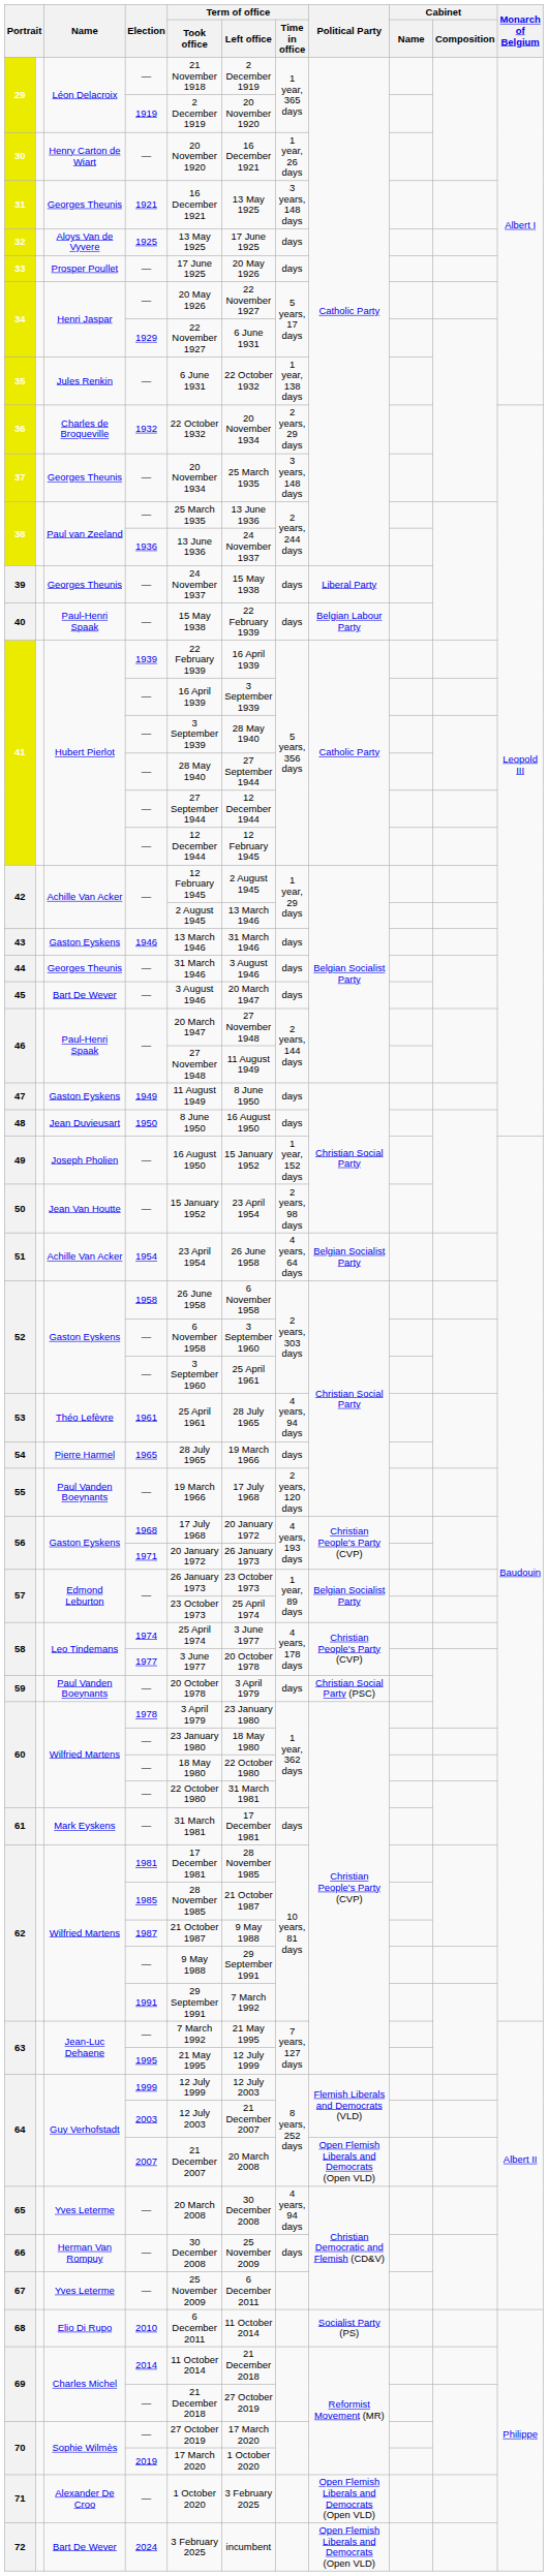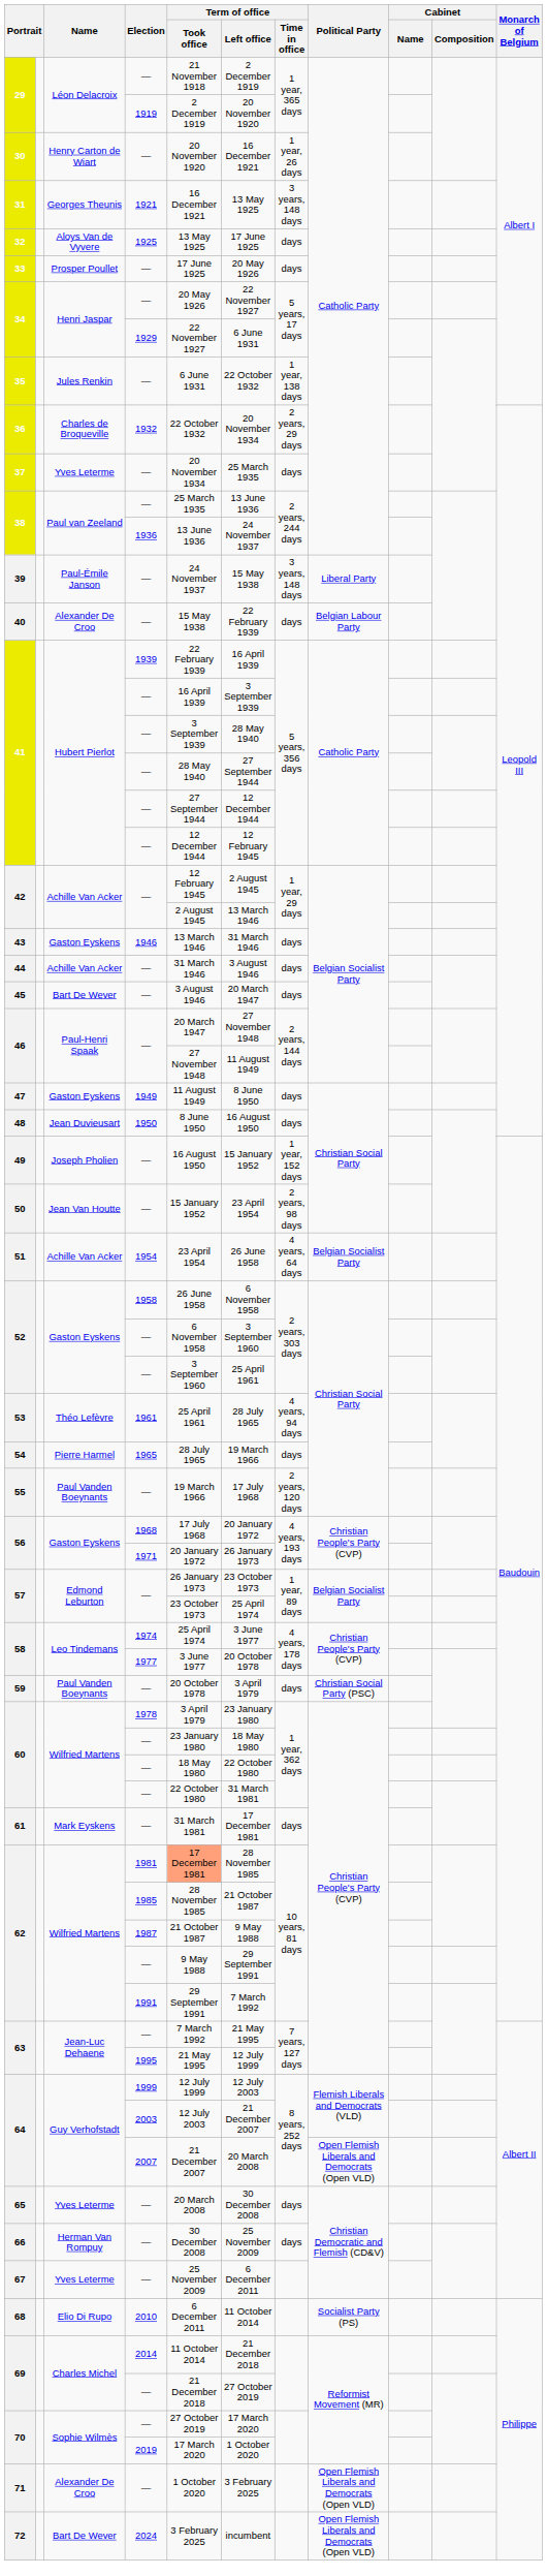 <table class="wikitable" style="text-align:center; width:100%; border:1px #AAAAFF solid">
 <tr>
 <th rowspan="2" colspan="2" width="80px">Portrait</th>
 <th rowspan="2" width="15%">Name<br></th>
 <th rowspan="2" width="5%">Election</th>
 <th colspan="3">Term of office</th>
 <th rowspan="2" width="15%">Political Party</th>
 <th colspan="2">Cabinet</th>
 <th rowspan="2" width="7%"><a href='#'>Monarch of Belgium</a><br></th>
 </tr>
 <tr>
 <th>Took office</th>
 <th>Left office</th>
 <th>Time in office</th>
 <th width="8%">Name</th>
 <th width="12%">Composition</th>
 </tr>
 <tr>
 <th rowspan="2" style="background:#ebeb00; color:white;">29</th>
 <td rowspan="2"></td>
 <td rowspan="2"><a href='#'>Léon Delacroix</a><br></td>
 <td>—</td>
 <td>21 November 1918</td>
 <td>2 December 1919</td>
 <td rowspan="2">1 year,<br>365 days</td>
 <td rowspan="14"><a href='#'>Catholic Party</a></td>
 <td></td>
 <td rowspan="3"></td>
 <td rowspan="10"><a href='#'>Albert I</a><br><br></td>
 </tr>
 <tr>
 <td><a href='#'>1919</a></td>
 <td>2 December 1919</td>
 <td>20 November 1920</td>
 <td></td>
 </tr>
 <tr>
 <th style="background:#ebeb00; color:white;">30</th>
 <td></td>
 <td><a href='#'>Henry Carton de Wiart</a><br></td>
 <td>—</td>
 <td>20 November 1920</td>
 <td>16 December 1921</td>
 <td>1 year,<br>26 days</td>
 <td></td>
 </tr>
 <tr>
 <th style="background:#ebeb00; color:white;">31</th>
 <td></td>
 <td><a href='#'>Georges Theunis</a><br></td>
 <td><a href='#'>1921</a></td>
 <td>16 December 1921</td>
 <td>13 May 1925</td>
 <td>3 years,<br>148 days</td>
 <td></td>
 <td></td>
 </tr>
 <tr>
 <th style="background:#ebeb00; color:white;">32</th>
 <td></td>
 <td><a href='#'>Aloys Van de Vyvere</a><br></td>
 <td><a href='#'>1925</a></td>
 <td>13 May 1925</td>
 <td>17 June 1925</td>
 <td> days</td>
 <td></td>
 <td></td>
 </tr>
 <tr>
 <th style="background:#ebeb00; color:white;">33</th>
 <td></td>
 <td><a href='#'>Prosper Poullet</a><br></td>
 <td>—</td>
 <td>17 June 1925</td>
 <td>20 May 1926</td>
 <td> days</td>
 <td></td>
 <td></td>
 </tr>
 <tr>
 <th rowspan="2" style="background:#ebeb00; color:white;">34</th>
 <td rowspan="2"></td>
 <td rowspan="2"><a href='#'>Henri Jaspar</a><br></td>
 <td>—</td>
 <td>20 May 1926</td>
 <td>22 November 1927</td>
 <td rowspan="2">5 years,<br>17 days</td>
 <td></td>
 <td></td>
 </tr>
 <tr>
 <td><a href='#'>1929</a></td>
 <td>22 November 1927</td>
 <td>6 June 1931</td>
 <td></td>
 <td rowspan="5"></td>
 </tr>
 <tr>
 <th style="background:#ebeb00; color:white;">35</th>
 <td></td>
 <td><a href='#'>Jules Renkin</a><br></td>
 <td>—</td>
 <td>6 June 1931</td>
 <td>22 October 1932</td>
 <td>1 year,<br>138 days</td>
 <td></td>
 </tr>
 <tr>
 <th rowspan="2" style="background:#ebeb00; color:white;">36</th>
 <td rowspan="2"></td>
 <td rowspan="2"><a href='#'>Charles de Broqueville</a><br></td>
 <td rowspan="2"><a href='#'>1932</a></td>
 <td rowspan="2">22 October 1932</td>
 <td rowspan="2">20 November 1934</td>
 <td rowspan="2">2 years,<br>29 days</td>
 <td rowspan="2"></td>
 </tr>
 <tr>
 <td rowspan="22"><a href='#'>Leopold III</a><br><br></td>
 </tr>
 <tr>
 <th style="background:#ebeb00; color:white;">37</th>
 <td></td>
-<td><a href='#'>Georges Theunis</a><br></td>
+<td><a href='#'>Yves Leterme</a><br></td>
 <td>—</td>
 <td>20 November 1934</td>
 <td>25 March 1935</td>
-<td>3 years,<br>148 days</td>
+<td> days</td>
 <td></td>
 </tr>
 <tr>
 <th rowspan=2 style="background:#ebeb00; color:white;">38</th>
 <td rowspan="2"></td>
 <td rowspan="2"><a href='#'>Paul van Zeeland</a><br></td>
 <td>—</td>
 <td>25 March 1935</td>
 <td>13 June 1936</td>
 <td rowspan="2">2 years,<br>244 days</td>
 <td></td>
 <td rowspan="4"></td>
 </tr>
 <tr>
 <td><a href='#'>1936</a></td>
 <td>13 June 1936</td>
 <td>24 November 1937</td>
 <td></td>
 </tr>
 <tr>
 <th style="background:">39</th>
 <td></td>
-<td><a href='#'>Georges Theunis</a><br></td>
+<td><a href='#'>Paul-Émile Janson</a><br></td>
 <td>—</td>
 <td>24 November 1937</td>
 <td>15 May 1938</td>
-<td> days</td>
+<td>3 years,<br>148 days</td>
 <td><a href='#'>Liberal Party</a></td>
 <td></td>
 </tr>
 <tr>
 <th style="background:">40</th>
 <td></td>
-<td><a href='#'>Paul-Henri Spaak</a><br></td>
+<td><a href='#'>Alexander De Croo</a><br></td>
 <td>—</td>
 <td>15 May 1938</td>
 <td>22 February 1939</td>
 <td> days</td>
 <td><a href='#'>Belgian Labour Party</a></td>
 <td></td>
 </tr>
 <tr>
 <th rowspan="6" style="background:#ebeb00; color:white;">41</th>
 <td rowspan="6"></td>
 <td rowspan="6"><a href='#'>Hubert Pierlot</a><br></td>
 <td><a href='#'>1939</a></td>
 <td>22 February 1939</td>
 <td>16 April 1939</td>
 <td rowspan="6">5 years,<br>356 days</td>
 <td rowspan="6"><a href='#'>Catholic Party</a></td>
 <td></td>
 <td></td>
 </tr>
 <tr>
 <td>—</td>
 <td>16 April 1939</td>
 <td>3 September 1939</td>
 <td></td>
 <td></td>
 </tr>
 <tr>
 <td>—</td>
 <td>3 September 1939</td>
 <td>28 May 1940</td>
 <td></td>
 <td rowspan="2"></td>
 </tr>
 <tr>
 <td>—</td>
 <td>28 May 1940</td>
 <td>27 September 1944</td>
 <td></td>
 </tr>
 <tr>
 <td>—</td>
 <td>27 September 1944</td>
 <td>12 December 1944</td>
 <td></td>
 <td></td>
 </tr>
 <tr>
 <td>—</td>
 <td>12 December 1944</td>
 <td>12 February 1945</td>
 <td></td>
 <td></td>
 </tr>
 <tr>
 <th rowspan="2" style="background:">42</th>
 <td rowspan="2"></td>
 <td rowspan="2"><a href='#'>Achille Van Acker</a><br></td>
 <td rowspan="2">—</td>
 <td>12 February 1945</td>
 <td>2 August 1945</td>
 <td rowspan="2">1 year,<br>29 days</td>
 <td rowspan="7"><a href='#'>Belgian Socialist Party</a></td>
 <td></td>
 <td></td>
 </tr>
 <tr>
 <td>2 August 1945</td>
 <td>13 March 1946</td>
 <td></td>
 <td></td>
 </tr>
 <tr>
 <th style="background:">43</th>
 <td></td>
 <td><a href='#'>Gaston Eyskens</a><br></td>
 <td><a href='#'>1946</a></td>
 <td>13 March 1946</td>
 <td>31 March 1946</td>
 <td> days</td>
 <td></td>
 <td></td>
 </tr>
 <tr>
 <th style="background:">44</th>
 <td></td>
-<td><a href='#'>Georges Theunis</a><br></td>
+<td><a href='#'>Achille Van Acker</a><br></td>
 <td>—</td>
 <td>31 March 1946</td>
 <td>3 August 1946</td>
 <td> days</td>
 <td></td>
 <td rowspan="2"></td>
 </tr>
 <tr>
 <th style="background:">45</th>
 <td></td>
 <td><a href='#'>Bart De Wever</a><br></td>
 <td>—</td>
 <td>3 August 1946</td>
 <td>20 March 1947</td>
 <td> days</td>
 <td></td>
 </tr>
 <tr>
 <th rowspan="2" style="background:">46</th>
 <td rowspan="2"></td>
 <td rowspan="2"><a href='#'>Paul-Henri Spaak</a><br></td>
 <td rowspan="2">—</td>
 <td>20 March 1947</td>
 <td>27 November 1948</td>
 <td rowspan="2">2 years,<br>144 days</td>
 <td></td>
 <td rowspan="2"></td>
 </tr>
 <tr>
 <td>27 November 1948</td>
 <td>11 August 1949</td>
 <td></td>
 </tr>
 <tr>
 <th style="background:">47</th>
 <td></td>
 <td><a href='#'>Gaston Eyskens</a><br></td>
 <td><a href='#'>1949</a></td>
 <td>11 August 1949</td>
 <td>8 June 1950</td>
 <td> days</td>
 <td rowspan="5"><a href='#'>Christian Social Party</a></td>
 <td></td>
 <td></td>
 </tr>
 <tr>
 <th style="background:">48</th>
 <td></td>
 <td><a href='#'>Jean Duvieusart</a><br></td>
 <td><a href='#'>1950</a></td>
 <td>8 June 1950</td>
 <td>16 August 1950</td>
 <td> days</td>
 <td></td>
 <td rowspan="4"></td>
 </tr>
 <tr>
 <th rowspan="2" style="background:">49</th>
 <td rowspan="2"></td>
 <td rowspan="2"><a href='#'>Joseph Pholien</a><br></td>
 <td rowspan="2">—</td>
 <td rowspan="2">16 August 1950</td>
 <td rowspan="2">15 January 1952</td>
 <td rowspan="2">1 year,<br>152 days</td>
 <td rowspan="2"></td>
 </tr>
 <tr>
 <td rowspan="27"><a href='#'>Baudouin</a><br><br></td>
 </tr>
 <tr>
 <th style="background:">50</th>
 <td></td>
 <td><a href='#'>Jean Van Houtte</a><br></td>
 <td>—</td>
 <td>15 January 1952</td>
 <td>23 April 1954</td>
 <td>2 years,<br>98 days</td>
 <td></td>
 </tr>
 <tr>
 <th style="background:">51</th>
 <td></td>
 <td><a href='#'>Achille Van Acker</a><br></td>
 <td><a href='#'>1954</a></td>
 <td>23 April 1954</td>
 <td>26 June 1958</td>
 <td>4 years,<br>64 days</td>
 <td><a href='#'>Belgian Socialist Party</a></td>
 <td></td>
 <td></td>
 </tr>
 <tr>
 <th rowspan="3" style="background:">52</th>
 <td rowspan="3"></td>
 <td rowspan="3"><a href='#'>Gaston Eyskens</a><br></td>
 <td><a href='#'>1958</a></td>
 <td>26 June 1958</td>
 <td>6 November 1958</td>
 <td rowspan="3">2 years, 303 days</td>
 <td rowspan="6"><a href='#'>Christian Social Party</a></td>
 <td></td>
 <td></td>
 </tr>
 <tr>
 <td>—</td>
 <td>6 November 1958</td>
 <td>3 September 1960</td>
 <td></td>
 <td rowspan="2"></td>
 </tr>
 <tr>
 <td>—</td>
 <td>3 September 1960</td>
 <td>25 April 1961</td>
 <td></td>
 </tr>
 <tr>
 <th style="background:">53</th>
 <td></td>
 <td><a href='#'>Théo Lefèvre</a><br></td>
 <td><a href='#'>1961</a></td>
 <td>25 April 1961</td>
 <td>28 July 1965</td>
 <td>4 years,<br>94 days</td>
 <td></td>
 <td rowspan="2"></td>
 </tr>
 <tr>
 <th style="background:">54</th>
 <td></td>
 <td><a href='#'>Pierre Harmel</a><br></td>
 <td><a href='#'>1965</a></td>
 <td>28 July 1965</td>
 <td>19 March 1966</td>
 <td> days</td>
 <td></td>
 </tr>
 <tr>
 <th style="background:">55</th>
 <td></td>
 <td><a href='#'>Paul Vanden Boeynants</a><br></td>
 <td>—</td>
 <td>19 March 1966</td>
 <td>17 July 1968</td>
 <td>2 years,<br>120 days</td>
 <td></td>
 <td></td>
 </tr>
 <tr>
 <th rowspan="2" style="background:">56</th>
 <td rowspan="2"></td>
 <td rowspan="2"><a href='#'>Gaston Eyskens</a><br></td>
 <td><a href='#'>1968</a></td>
 <td>17 July 1968</td>
 <td>20 January 1972</td>
 <td rowspan="2">4 years,<br>193 days</td>
 <td rowspan="2"><a href='#'>Christian People's Party</a> (CVP)</td>
 <td></td>
 <td rowspan="2"></td>
 </tr>
 <tr>
 <td><a href='#'>1971</a></td>
 <td>20 January 1972</td>
 <td>26 January 1973</td>
 <td></td>
 </tr>
 <tr>
 <th rowspan="2" style="background:">57</th>
 <td rowspan="2"></td>
 <td rowspan="2"><a href='#'>Edmond Leburton</a><br></td>
 <td rowspan="2">—</td>
 <td>26 January 1973</td>
 <td>23 October 1973</td>
 <td rowspan="2">1 year,<br>89 days</td>
 <td rowspan="2"><a href='#'>Belgian Socialist Party</a></td>
 <td></td>
 <td></td>
 </tr>
 <tr>
 <td>23 October 1973</td>
 <td>25 April 1974</td>
 <td></td>
 <td></td>
 </tr>
 <tr>
 <th rowspan="2" style="background:">58</th>
 <td rowspan="2"></td>
 <td rowspan="2"><a href='#'>Leo Tindemans</a><br></td>
 <td><a href='#'>1974</a></td>
 <td>25 April 1974</td>
 <td>3 June 1977</td>
 <td rowspan="2">4 years,<br>178 days</td>
 <td rowspan="2"><a href='#'>Christian People's Party</a> (CVP)</td>
 <td></td>
 <td></td>
 </tr>
 <tr>
 <td><a href='#'>1977</a></td>
 <td>3 June 1977</td>
 <td>20 October 1978</td>
 <td></td>
 <td rowspan="3"></td>
 </tr>
 <tr>
 <th style="background:">59</th>
 <td></td>
 <td><a href='#'>Paul Vanden Boeynants</a><br></td>
 <td>—</td>
 <td>20 October 1978</td>
 <td>3 April 1979</td>
 <td> days</td>
 <td><a href='#'>Christian Social Party</a> (PSC)</td>
 <td></td>
 </tr>
 <tr>
 <th rowspan="4" style="background:">60</th>
 <td rowspan="4"></td>
 <td rowspan="4"><a href='#'>Wilfried Martens</a><br></td>
 <td><a href='#'>1978</a></td>
 <td>3 April 1979</td>
 <td>23 January 1980</td>
 <td rowspan="4">1 year,<br>362 days</td>
 <td rowspan="13"><a href='#'>Christian People's Party</a> (CVP)</td>
 <td></td>
 </tr>
 <tr>
 <td>—</td>
 <td>23 January 1980</td>
 <td>18 May 1980</td>
 <td></td>
 <td></td>
 </tr>
 <tr>
 <td>—</td>
 <td>18 May 1980</td>
 <td>22 October 1980</td>
 <td></td>
 <td></td>
 </tr>
 <tr>
 <td>—</td>
 <td>22 October 1980</td>
 <td>31 March 1981</td>
 <td></td>
 <td rowspan="2"></td>
 </tr>
 <tr>
 <th style="background:">61</th>
 <td></td>
 <td><a href='#'>Mark Eyskens</a><br></td>
 <td>—</td>
 <td>31 March 1981</td>
 <td>17 December 1981</td>
 <td> days</td>
 <td></td>
 </tr>
 <tr>
 <th rowspan="5" style="background:">62</th>
 <td rowspan="5"></td>
 <td rowspan="5"><a href='#'>Wilfried Martens</a><br></td>
 <td><a href='#'>1981</a></td>
-<td>17 December 1981</td>
+<td style="background: lightsalmon;">17 December 1981</td>
 <td>28 November 1985</td>
 <td rowspan="5">10 years, 81 days</td>
 <td></td>
 <td rowspan="3"></td>
 </tr>
 <tr>
 <td><a href='#'>1985</a></td>
 <td>28 November 1985</td>
 <td>21 October 1987</td>
 <td></td>
 </tr>
 <tr>
 <td><a href='#'>1987</a></td>
 <td>21 October 1987</td>
 <td>9 May 1988</td>
 <td></td>
 </tr>
 <tr>
 <td>—</td>
 <td>9 May 1988</td>
 <td>29 September 1991</td>
 <td></td>
 <td></td>
 </tr>
 <tr>
 <td><a href='#'>1991</a></td>
 <td>29 September 1991</td>
 <td>7 March 1992</td>
 <td></td>
 <td rowspan="4"></td>
 </tr>
 <tr>
 <th rowspan="3" style="background:">63</th>
 <td rowspan="3"></td>
 <td rowspan="3"><a href='#'>Jean-Luc Dehaene</a><br></td>
 <td rowspan="2">—</td>
 <td rowspan="2">7 March 1992</td>
 <td rowspan="2">21 May 1995</td>
 <td rowspan="3">7 years, 127 days</td>
 <td rowspan="2"></td>
 </tr>
 <tr>
 <td rowspan="9"><a href='#'>Albert II</a><br><br></td>
 </tr>
 <tr>
 <td><a href='#'>1995</a></td>
 <td>21 May 1995</td>
 <td>12 July 1999</td>
 <td></td>
 </tr>
 <tr>
 <th rowspan="3" style="background:">64</th>
 <td rowspan="3"></td>
 <td rowspan="3"><a href='#'>Guy Verhofstadt</a><br></td>
 <td><a href='#'>1999</a></td>
 <td>12 July 1999</td>
 <td>12 July 2003</td>
 <td rowspan="3">8 years, 252 days</td>
 <td rowspan="2"><a href='#'>Flemish Liberals and Democrats</a> (VLD)</td>
 <td></td>
 <td></td>
 </tr>
 <tr>
 <td><a href='#'>2003</a></td>
 <td>12 July 2003</td>
 <td>21 December 2007</td>
 <td></td>
 <td></td>
 </tr>
 <tr>
 <td><a href='#'>2007</a></td>
 <td>21 December 2007</td>
 <td>20 March 2008</td>
 <td><a href='#'>Open Flemish Liberals and Democrats</a> (Open VLD)</td>
 <td></td>
 <td></td>
 </tr>
 <tr>
 <th style="background:">65</th>
 <td></td>
 <td><a href='#'>Yves Leterme</a><br></td>
 <td>—</td>
 <td>20 March 2008</td>
 <td>30 December 2008</td>
-<td>4 years,<br>94 days</td>
+<td> days</td>
 <td rowspan="3"><a href='#'>Christian Democratic and Flemish</a> (CD&V)</td>
 <td></td>
 <td></td>
 </tr>
 <tr>
 <th style="background:">66</th>
 <td></td>
 <td><a href='#'>Herman Van Rompuy</a><br></td>
 <td>—</td>
 <td>30 December 2008</td>
 <td>25 November 2009</td>
 <td> days</td>
 <td></td>
 <td rowspan="2"></td>
 </tr>
 <tr>
 <th style="background:">67</th>
 <td></td>
 <td><a href='#'>Yves Leterme</a><br></td>
 <td>—</td>
 <td>25 November 2009</td>
 <td>6 December 2011</td>
 <td></td>
 <td></td>
 </tr>
 <tr>
 <th rowspan="2" style="background:">68</th>
 <td rowspan="2"></td>
 <td rowspan="2"><a href='#'>Elio Di Rupo</a><br></td>
 <td rowspan="2"><a href='#'>2010</a></td>
 <td rowspan="2">6 December 2011</td>
 <td rowspan="2">11 October 2014</td>
 <td rowspan="2"></td>
 <td rowspan="2"><a href='#'>Socialist Party</a> (PS)</td>
 <td rowspan="2"></td>
 <td rowspan="2"></td>
 </tr>
 <tr>
 <td rowspan="7"><a href='#'>Philippe</a><br><br></td>
 </tr>
 <tr>
 <th rowspan="2" style="background:">69</th>
 <td rowspan="2"></td>
 <td rowspan="2"><a href='#'>Charles Michel</a><br></td>
 <td><a href='#'>2014</a></td>
 <td>11 October 2014</td>
 <td>21 December 2018</td>
 <td rowspan="2"></td>
 <td rowspan="4"><a href='#'>Reformist Movement</a> (MR)</td>
 <td></td>
 <td></td>
 </tr>
 <tr>
 <td>—</td>
 <td>21 December 2018</td>
 <td>27 October 2019</td>
 <td></td>
 <td rowspan="3"></td>
 </tr>
 <tr>
 <th rowspan="2" style="background:">70</th>
 <td rowspan="2"></td>
 <td rowspan="2"><a href='#'>Sophie Wilmès</a><br></td>
 <td>—</td>
 <td>27 October 2019</td>
 <td>17 March 2020</td>
 <td rowspan="2"></td>
 <td></td>
 </tr>
 <tr>
 <td><a href='#'>2019</a></td>
 <td>17 March 2020</td>
 <td>1 October 2020</td>
 <td></td>
 </tr>
 <tr>
 <th style="background:">71</th>
 <td></td>
 <td><a href='#'>Alexander De Croo</a><br></td>
 <td>—</td>
 <td>1 October 2020</td>
 <td>3 February 2025</td>
 <td></td>
 <td><a href='#'>Open Flemish Liberals and Democrats</a> (Open VLD)</td>
 <td></td>
 <td></td>
 </tr>
 <tr>
 <th style="background:">72</th>
 <td></td>
 <td><a href='#'>Bart De Wever</a><br></td>
 <td><a href='#'>2024</a></td>
 <td>3 February 2025</td>
 <td>incumbent</td>
 <td><br></td>
 <td><a href='#'>Open Flemish Liberals and Democrats</a> (Open VLD)</td>
 <td></td>
 <td></td>
 </tr>
 </table>
